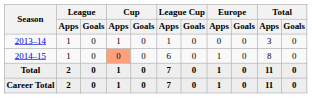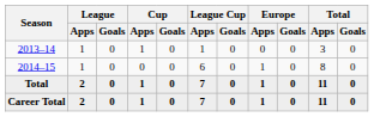 <table class="wikitable" style="font-size:90%; text-align: center;">
 <tr>
 <th rowspan="2">Season</th>
 <th colspan="2">League</th>
 <th colspan="2">Cup</th>
 <th colspan="2">League Cup</th>
 <th colspan="2">Europe</th>
 <th colspan="2">Total</th>
 </tr>
 <tr>
 <th>Apps</th>
 <th>Goals</th>
 <th>Apps</th>
 <th>Goals</th>
 <th>Apps</th>
 <th>Goals</th>
 <th>Apps</th>
 <th>Goals</th>
 <th>Apps</th>
 <th>Goals</th>
 </tr>
 <tr>
 <td><a href='#'>2013–14</a></td>
 <td>1</td>
 <td>0</td>
 <td>1</td>
 <td>0</td>
 <td>1</td>
 <td>0</td>
 <td>0</td>
 <td>0</td>
 <td>3</td>
 <td>0</td>
 </tr>
 <tr>
 <td><a href='#'>2014–15</a></td>
 <td>1</td>
 <td>0</td>
-<td style="background: lightsalmon;">0</td>
+<td>0</td>
 <td>0</td>
 <td>6</td>
 <td>0</td>
 <td>1</td>
 <td>0</td>
 <td>8</td>
 <td>0</td>
 </tr>
 <tr style="font-weight:bold; background-color:#eeeeee;">
 <td>Total</td>
 <td>2</td>
 <td>0</td>
 <td>1</td>
 <td>0</td>
 <td>7</td>
 <td>0</td>
 <td>1</td>
 <td>0</td>
 <td>11</td>
 <td>0</td>
 </tr>
 <tr style="font-weight:bold; background-color:#eeeeee;">
 <td rowspan="2" valign="top"><strong>Career Total</strong></td>
 <td>2</td>
 <td>0</td>
 <td>1</td>
 <td>0</td>
 <td>7</td>
 <td>0</td>
 <td>1</td>
 <td>0</td>
 <td>11</td>
 <td>0</td>
 </tr>
 </table>
